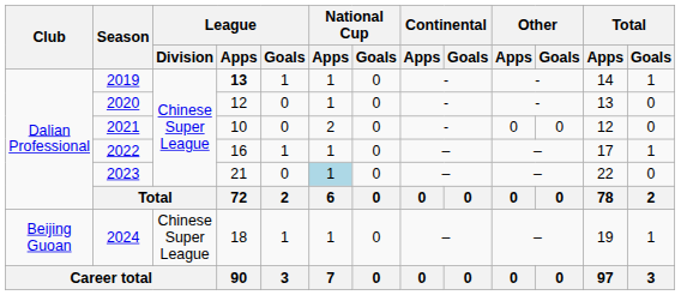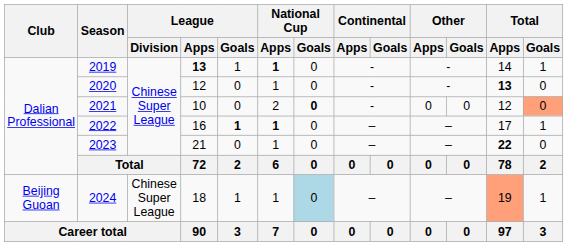 <table class="wikitable" style="text-align: center">
 <tr>
 <th rowspan="2">Club</th>
 <th rowspan="2">Season</th>
 <th colspan="3">League</th>
 <th colspan="2">National Cup</th>
 <th colspan="2">Continental</th>
 <th colspan="2">Other</th>
 <th colspan="2">Total</th>
 </tr>
 <tr>
 <th>Division</th>
 <th>Apps</th>
 <th>Goals</th>
 <th>Apps</th>
 <th>Goals</th>
 <th>Apps</th>
 <th>Goals</th>
 <th>Apps</th>
 <th>Goals</th>
 <th>Apps</th>
 <th>Goals</th>
 </tr>
 <tr>
 <td rowspan=6><a href='#'>Dalian Professional</a></td>
 <td><a href='#'>2019</a></td>
 <td rowspan=5><a href='#'>Chinese Super League</a></td>
 <td><strong>13</strong></td>
 <td>1</td>
-<td>1</td>
+<td><strong>1</strong></td>
 <td>0</td>
 <td colspan="2">-</td>
 <td colspan="2">-</td>
 <td>14</td>
 <td>1</td>
 </tr>
 <tr>
 <td><a href='#'>2020</a></td>
 <td>12</td>
 <td>0</td>
 <td>1</td>
 <td>0</td>
 <td colspan="2">-</td>
 <td colspan="2">-</td>
-<td>13</td>
+<td><strong>13</strong></td>
 <td>0</td>
 </tr>
 <tr>
 <td><a href='#'>2021</a></td>
 <td>10</td>
 <td>0</td>
 <td>2</td>
-<td>0</td>
+<td><strong>0</strong></td>
 <td colspan="2">-</td>
 <td>0</td>
 <td>0</td>
 <td>12</td>
-<td>0</td>
+<td style="background: lightsalmon;">0</td>
 </tr>
 <tr>
 <td><a href='#'>2022</a></td>
 <td>16</td>
-<td>1</td>
-<td>1</td>
+<td><strong>1</strong></td>
+<td><strong>1</strong></td>
 <td>0</td>
 <td colspan="2">–</td>
 <td colspan="2">–</td>
 <td>17</td>
 <td>1</td>
 </tr>
 <tr>
 <td><a href='#'>2023</a></td>
 <td>21</td>
 <td>0</td>
-<td style="background: lightblue;">1</td>
+<td>1</td>
 <td>0</td>
 <td colspan="2">–</td>
 <td colspan="2">–</td>
-<td>22</td>
+<td><strong>22</strong></td>
 <td>0</td>
 </tr>
 <tr>
 <th colspan="2">Total</th>
 <th>72</th>
 <th>2</th>
 <th>6</th>
 <th>0</th>
 <th>0</th>
 <th>0</th>
 <th>0</th>
 <th>0</th>
 <th>78</th>
 <th>2</th>
 </tr>
 <tr>
 <td rowspan="1"><a href='#'>Beijing Guoan</a></td>
 <td><a href='#'>2024</a></td>
 <td rowspan="1">Chinese Super League</td>
 <td>18</td>
 <td>1</td>
 <td>1</td>
-<td>0</td>
+<td style="background: lightblue;">0</td>
 <td colspan="2">–</td>
 <td colspan="2">–</td>
-<td>19</td>
+<td style="background: lightsalmon;">19</td>
 <td>1</td>
 </tr>
 <tr>
 <th colspan="3">Career total</th>
 <th>90</th>
 <th>3</th>
 <th>7</th>
 <th>0</th>
 <th>0</th>
 <th>0</th>
 <th>0</th>
 <th>0</th>
 <th>97</th>
 <th>3</th>
 </tr>
 </table>
